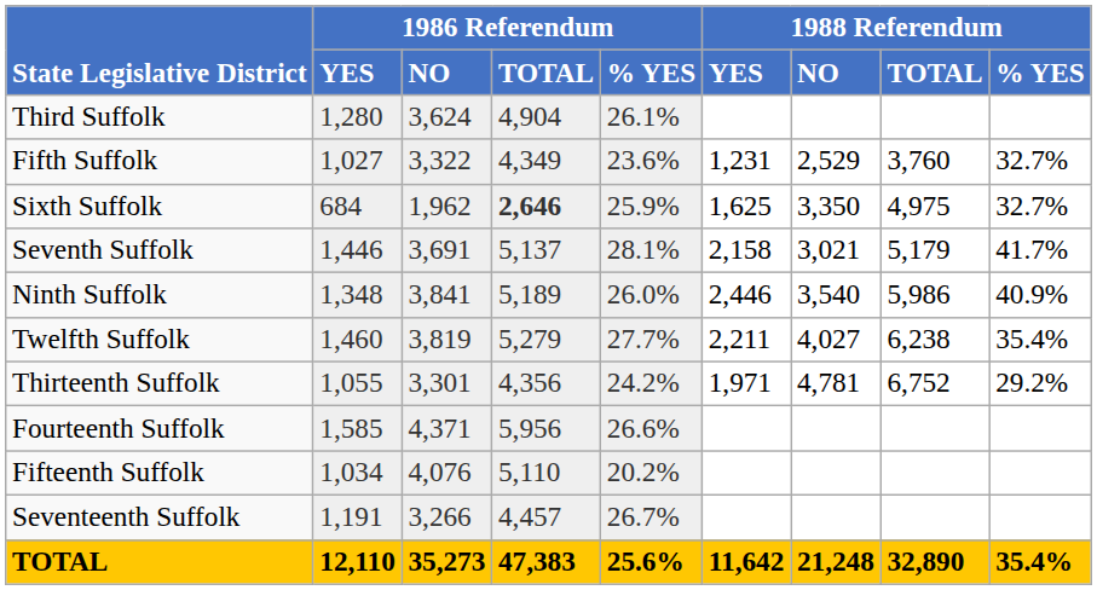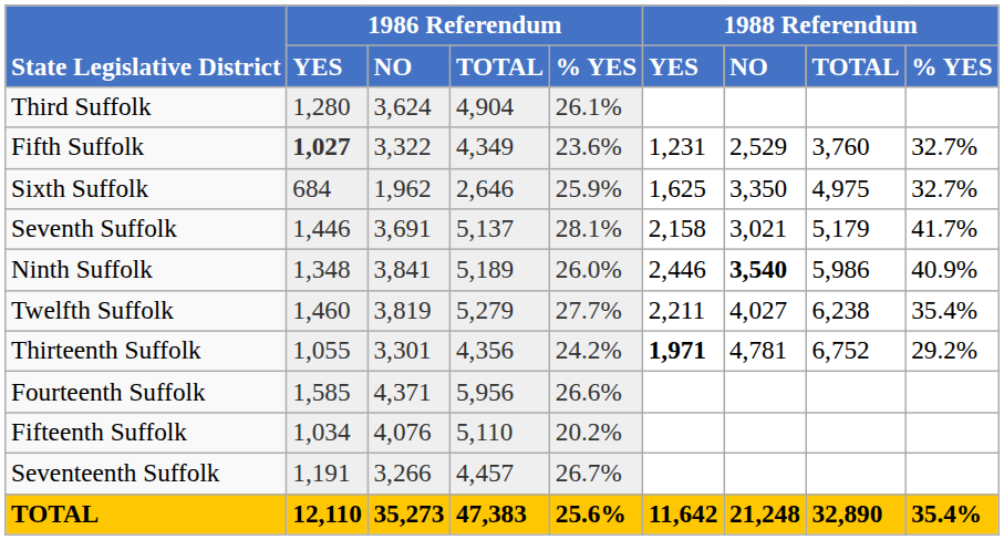 <table class="wikitable">
 <tr style="font-weight:bold;">
 <th rowspan="2" style="vertical-align:bottom; background-color:#4472C4; color:#FFF;">State Legislative District</th>
 <th colspan="4" style="text-align:center; vertical-align:bottom; background-color:#4472C4; color:#FFF;">1986 Referendum </th>
 <th colspan="4" style="text-align:center; vertical-align:bottom; background-color:#4472C4; color:#FFF;">1988 Referendum </th>
 </tr>
 <tr style="font-weight:bold;">
 <td style="background-color:#4472C4; color:#FFF;">YES</td>
 <td style="background-color:#4472C4; color:#FFF;">NO</td>
 <td style="background-color:#4472c4; color:#FFF;">TOTAL</td>
 <td style="background-color:#4472c4; color:#ffffff;">% YES</td>
 <td style="background-color:#4472C4; color:#FFF;">YES</td>
 <td style="background-color:#4472C4; color:#FFF;">NO</td>
 <td style="background-color:#4472C4; color:#FFF;">TOTAL</td>
 <td style="background-color:#4472c4; color:#ffffff;">% YES</td>
 </tr>
 <tr>
 <td style="vertical-align:bottom;">Third Suffolk</td>
 <td style="vertical-align:bottom; background-color:#efefef; color:#333333;">1,280</td>
 <td style="vertical-align:bottom; background-color:#efefef; color:#333333;">3,624</td>
 <td style="vertical-align:bottom; background-color:#efefef; color:#333333;">4,904</td>
 <td style="vertical-align:bottom; background-color:#efefef; color:#333333;">26.1%</td>
 <td style="vertical-align:bottom; background-color:#ffffff; color:#000000;"></td>
 <td style="vertical-align:bottom; background-color:#ffffff; color:#000000;"></td>
 <td style="vertical-align:bottom; background-color:#ffffff; color:#000000;"></td>
 <td style="background-color:#ffffff; color:#000000;"></td>
 </tr>
 <tr style="vertical-align:bottom;">
 <td>Fifth Suffolk</td>
-<td style="background-color:#efefef; color:#333333;">1,027</td>
+<td style="background-color:#efefef; color:#333333;"><strong>1,027</strong></td>
 <td style="background-color:#efefef; color:#333333;">3,322</td>
 <td style="background-color:#efefef; color:#333333;">4,349</td>
 <td style="background-color:#efefef; color:#333333;">23.6%</td>
 <td style="background-color:#ffffff; color:#000000;">1,231</td>
 <td style="background-color:#ffffff; color:#000000;">2,529</td>
 <td style="background-color:#ffffff; color:#000000;">3,760</td>
 <td style="background-color:#ffffff; color:#000000;">32.7%</td>
 </tr>
 <tr style="vertical-align:bottom;">
 <td>Sixth Suffolk</td>
 <td style="background-color:#efefef; color:#333333;">684</td>
 <td style="background-color:#efefef; color:#333333;">1,962</td>
-<td style="background-color:#efefef; color:#333333;"><strong>2,646</strong></td>
+<td style="background-color:#efefef; color:#333333;">2,646</td>
 <td style="background-color:#efefef; color:#333333;">25.9%</td>
 <td style="background-color:#ffffff; color:#000000;">1,625</td>
 <td style="background-color:#ffffff; color:#000000;">3,350</td>
 <td style="background-color:#ffffff; color:#000000;">4,975</td>
 <td style="background-color:#ffffff; color:#000000;">32.7%</td>
 </tr>
 <tr style="vertical-align:bottom;">
 <td>Seventh Suffolk</td>
 <td style="background-color:#efefef; color:#333333;">1,446</td>
 <td style="background-color:#efefef; color:#333333;">3,691</td>
 <td style="background-color:#efefef; color:#333333;">5,137</td>
 <td style="background-color:#efefef; color:#333333;">28.1%</td>
 <td style="background-color:#ffffff; color:#000000;">2,158</td>
 <td style="background-color:#ffffff; color:#000000;">3,021</td>
 <td style="background-color:#ffffff; color:#000000;">5,179</td>
 <td style="background-color:#ffffff; color:#000000;">41.7%</td>
 </tr>
 <tr style="vertical-align:bottom;">
 <td>Ninth Suffolk</td>
 <td style="background-color:#efefef; color:#333333;">1,348</td>
 <td style="background-color:#efefef; color:#333333;">3,841</td>
 <td style="background-color:#efefef; color:#333333;">5,189</td>
 <td style="background-color:#efefef; color:#333333;">26.0%</td>
 <td style="background-color:#ffffff; color:#000000;">2,446</td>
-<td style="background-color:#ffffff; color:#000000;">3,540</td>
+<td style="background-color:#ffffff; color:#000000;"><strong>3,540</strong></td>
 <td style="background-color:#ffffff; color:#000000;">5,986</td>
 <td style="background-color:#ffffff; color:#000000;">40.9%</td>
 </tr>
 <tr style="vertical-align:bottom;">
 <td>Twelfth Suffolk</td>
 <td style="background-color:#efefef; color:#333333;">1,460</td>
 <td style="background-color:#efefef; color:#333333;">3,819</td>
 <td style="background-color:#efefef; color:#333333;">5,279</td>
 <td style="background-color:#efefef; color:#333333;">27.7%</td>
 <td style="background-color:#ffffff; color:#000000;">2,211</td>
 <td style="background-color:#ffffff; color:#000000;">4,027</td>
 <td style="background-color:#ffffff; color:#000000;">6,238</td>
 <td style="background-color:#ffffff; color:#000000;">35.4%</td>
 </tr>
 <tr style="vertical-align:bottom;">
 <td>Thirteenth Suffolk</td>
 <td style="background-color:#efefef; color:#333333;">1,055</td>
 <td style="background-color:#efefef; color:#333333;">3,301</td>
 <td style="background-color:#efefef; color:#333333;">4,356</td>
 <td style="background-color:#efefef; color:#333333;">24.2%</td>
-<td style="background-color:#ffffff; color:#000000;">1,971</td>
+<td style="background-color:#ffffff; color:#000000;"><strong>1,971</strong></td>
 <td style="background-color:#ffffff; color:#000000;">4,781</td>
 <td style="background-color:#ffffff; color:#000000;">6,752</td>
 <td style="background-color:#ffffff; color:#000000;">29.2%</td>
 </tr>
 <tr>
 <td style="vertical-align:bottom;">Fourteenth Suffolk</td>
 <td style="vertical-align:bottom; background-color:#efefef; color:#333333;">1,585</td>
 <td style="vertical-align:bottom; background-color:#efefef; color:#333333;">4,371</td>
 <td style="vertical-align:bottom; background-color:#efefef; color:#333333;">5,956</td>
 <td style="vertical-align:bottom; background-color:#efefef; color:#333333;">26.6%</td>
 <td style="vertical-align:bottom; background-color:#ffffff; color:#000000;"></td>
 <td style="vertical-align:bottom; background-color:#ffffff; color:#000000;"></td>
 <td style="vertical-align:bottom; background-color:#ffffff; color:#000000;"></td>
 <td style="background-color:#ffffff; color:#000000;"></td>
 </tr>
 <tr>
 <td style="vertical-align:bottom;">Fifteenth Suffolk</td>
 <td style="vertical-align:bottom; background-color:#efefef; color:#333333;">1,034</td>
 <td style="vertical-align:bottom; background-color:#efefef; color:#333333;">4,076</td>
 <td style="vertical-align:bottom; background-color:#efefef; color:#333333;">5,110</td>
 <td style="vertical-align:bottom; background-color:#efefef; color:#333333;">20.2%</td>
 <td style="vertical-align:bottom; background-color:#ffffff; color:#000000;"></td>
 <td style="vertical-align:bottom; background-color:#ffffff; color:#000000;"></td>
 <td style="vertical-align:bottom; background-color:#ffffff; color:#000000;"></td>
 <td style="background-color:#ffffff; color:#000000;"></td>
 </tr>
 <tr>
 <td style="vertical-align:bottom;">Seventeenth Suffolk</td>
 <td style="vertical-align:bottom; background-color:#efefef; color:#333333;">1,191</td>
 <td style="vertical-align:bottom; background-color:#efefef; color:#333333;">3,266</td>
 <td style="vertical-align:bottom; background-color:#efefef; color:#333333;">4,457</td>
 <td style="vertical-align:bottom; background-color:#efefef; color:#333333;">26.7%</td>
 <td style="vertical-align:bottom; background-color:#ffffff; color:#000000;"></td>
 <td style="vertical-align:bottom; background-color:#ffffff; color:#000000;"></td>
 <td style="vertical-align:bottom; background-color:#ffffff; color:#000000;"></td>
 <td style="background-color:#ffffff; color:#000000;"></td>
 </tr>
 <tr style="font-weight:bold; background-color:#ffc702;">
 <td>TOTAL</td>
 <td style="vertical-align:bottom;">12,110</td>
 <td style="vertical-align:bottom;">35,273</td>
 <td style="vertical-align:bottom;">47,383</td>
 <td style="vertical-align:bottom;">25.6%</td>
 <td style="vertical-align:bottom;">11,642</td>
 <td style="vertical-align:bottom;">21,248</td>
 <td style="vertical-align:bottom;">32,890</td>
 <td style="vertical-align:bottom;">35.4%</td>
 </tr>
 </table>
